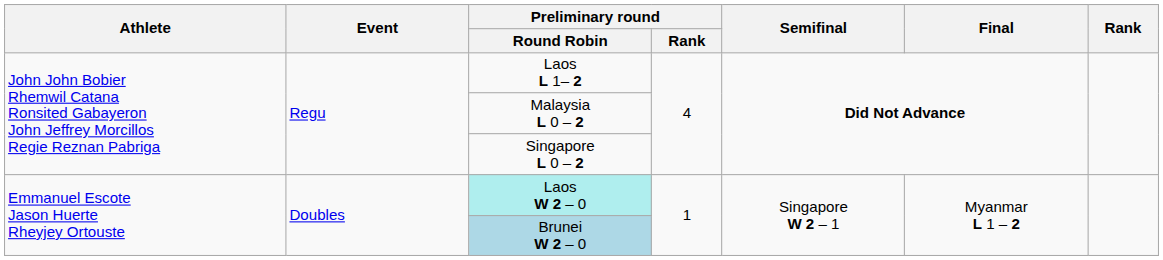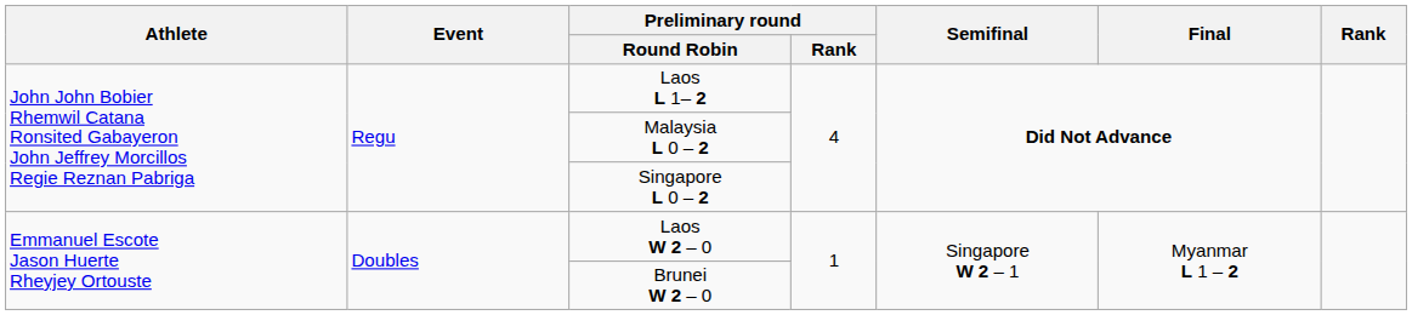 <table class="wikitable" width="87%" style="text-align:left; font-size:90%">
 <tr>
 <th rowspan="2" width="20%">Athlete</th>
 <th rowspan="2" width="13%">Event</th>
 <th colspan="2">Preliminary round</th>
 <th rowspan="2" width="13%">Semifinal</th>
 <th rowspan="2" width="13%">Final</th>
 <th rowspan="2" width="5%">Rank</th>
 </tr>
 <tr>
 <th width="13%">Round Robin</th>
 <th width="5%">Rank</th>
 </tr>
 <tr>
 <td rowspan=3><a href='#'>John John Bobier</a> <br> <a href='#'>Rhemwil Catana</a> <br> <a href='#'>Ronsited Gabayeron</a> <br> <a href='#'>John Jeffrey Morcillos</a> <br> <a href='#'>Regie Reznan Pabriga</a></td>
 <td rowspan=3><a href='#'>Regu</a></td>
 <td align=center>Laos <br> <strong>L</strong> 1– <strong>2</strong></td>
 <td rowspan=3 align=center>4</td>
 <td rowspan=3 align=center colspan=2><strong>Did Not Advance</strong></td>
 <td rowspan=3 align=center></td>
 </tr>
 <tr>
 <td align=center>Malaysia <br> <strong>L</strong> 0 – <strong>2</strong></td>
 </tr>
 <tr>
 <td align=center>Singapore <br> <strong>L</strong> 0 – <strong>2</strong></td>
 </tr>
 <tr>
 <td rowspan=2><a href='#'>Emmanuel Escote</a> <br> <a href='#'>Jason Huerte</a> <br> <a href='#'>Rheyjey Ortouste</a></td>
 <td rowspan=2><a href='#'>Doubles</a></td>
-<td align=center style="background: paleturquoise;">Laos <br> <strong>W</strong> <strong>2</strong> – 0</td>
+<td align=center>Laos <br> <strong>W</strong> <strong>2</strong> – 0</td>
 <td rowspan=2 align=center>1 <strong></strong></td>
 <td rowspan=2 align=center>Singapore <br> <strong>W</strong> <strong>2</strong> – 1</td>
 <td rowspan=2 align=center>Myanmar <br> <strong>L</strong> 1 – <strong>2</strong></td>
 <td rowspan=2 align=center></td>
 </tr>
 <tr>
-<td align=center style="background: lightblue;">Brunei <br> <strong>W</strong> <strong>2</strong> – 0</td>
+<td align=center>Brunei <br> <strong>W</strong> <strong>2</strong> – 0</td>
 </tr>
 </table>
